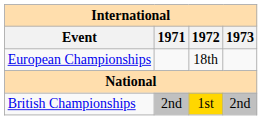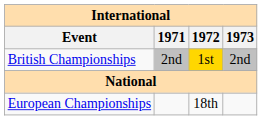 <table class="wikitable" style="text-align:center">
 <tr>
 <th style="background-color: #ffdead; " colspan=4 align=center><strong>International</strong></th>
 </tr>
 <tr>
 <th>Event</th>
 <th>1971</th>
 <th>1972</th>
 <th>1973</th>
 </tr>
 <tr>
+<td align=left><a href='#'>British Championships</a></td>
+<td bgcolor=silver>2nd</td>
+<td bgcolor=gold>1st</td>
+<td bgcolor=silver>2nd</td>
+</tr>
+<tr>
+<th style="background-color: #ffdead; " colspan=4 align=center><strong>National</strong></th>
+</tr>
+<tr>
 <td align=left><a href='#'>European Championships</a></td>
 <td></td>
 <td>18th</td>
 <td></td>
 </tr>
-<tr>
-<th style="background-color: #ffdead; " colspan=4 align=center><strong>National</strong></th>
-</tr>
-<tr>
-<td align=left><a href='#'>British Championships</a></td>
-<td bgcolor=silver>2nd</td>
-<td bgcolor=gold>1st</td>
-<td bgcolor=silver>2nd</td>
-</tr>
 </table>
